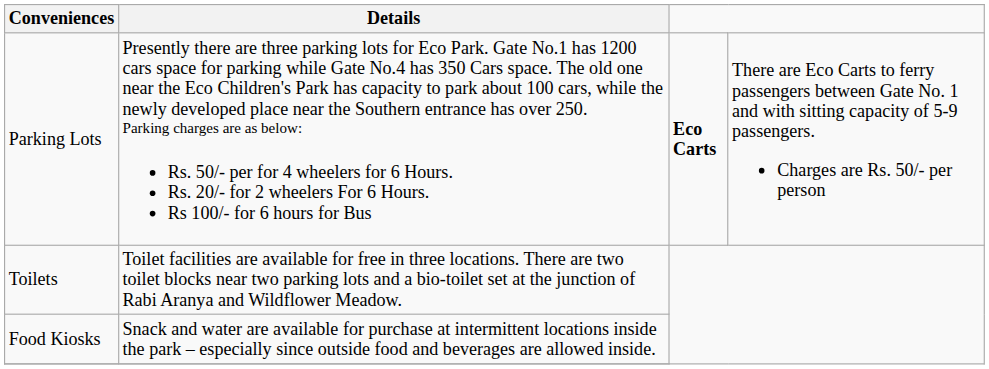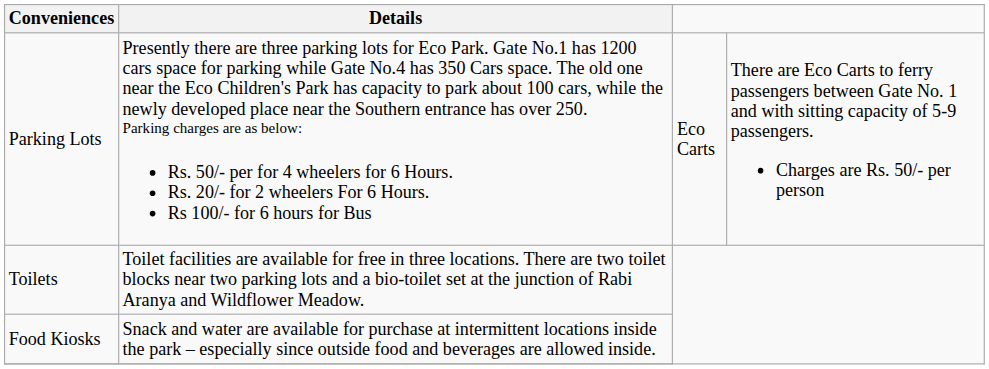 <table class="wikitable">
 <tr>
 <th>Conveniences</th>
 <th>Details</th>
 </tr>
 <tr>
 <td>Parking Lots</td>
 <td>Presently there are three parking lots for Eco Park. Gate No.1 has 1200 cars space for parking while Gate No.4 has 350 Cars space. The old one near the Eco Children's Park has capacity to park about 100 cars, while the newly developed place near the Southern entrance has over 250.<br> <sup>Parking charges are as below:</sup><br><ul><li>Rs. 50/- per for 4 wheelers for 6 Hours.</li><li>Rs. 20/- for 2 wheelers For 6 Hours.</li><li>Rs 100/- for 6 hours for Bus</li></ul></td>
-<td><strong>Eco Carts</strong></td>
+<td>Eco Carts</td>
 <td>There are Eco Carts to ferry passengers between Gate No. 1 and  with sitting capacity of 5-9 passengers.<br><ul><li>Charges are Rs. 50/- per person</li></ul></td>
 </tr>
 <tr>
 <td>Toilets</td>
 <td>Toilet facilities are available for free in three locations. There are two toilet blocks near two parking lots and a bio-toilet set at the junction of Rabi Aranya and Wildflower Meadow.</td>
 </tr>
 <tr>
 <td>Food Kiosks</td>
 <td>Snack and water are available for purchase at intermittent locations inside the park – especially since outside food and beverages are allowed inside.</td>
 </tr>
 <tr>
 </tr>
 </table>
